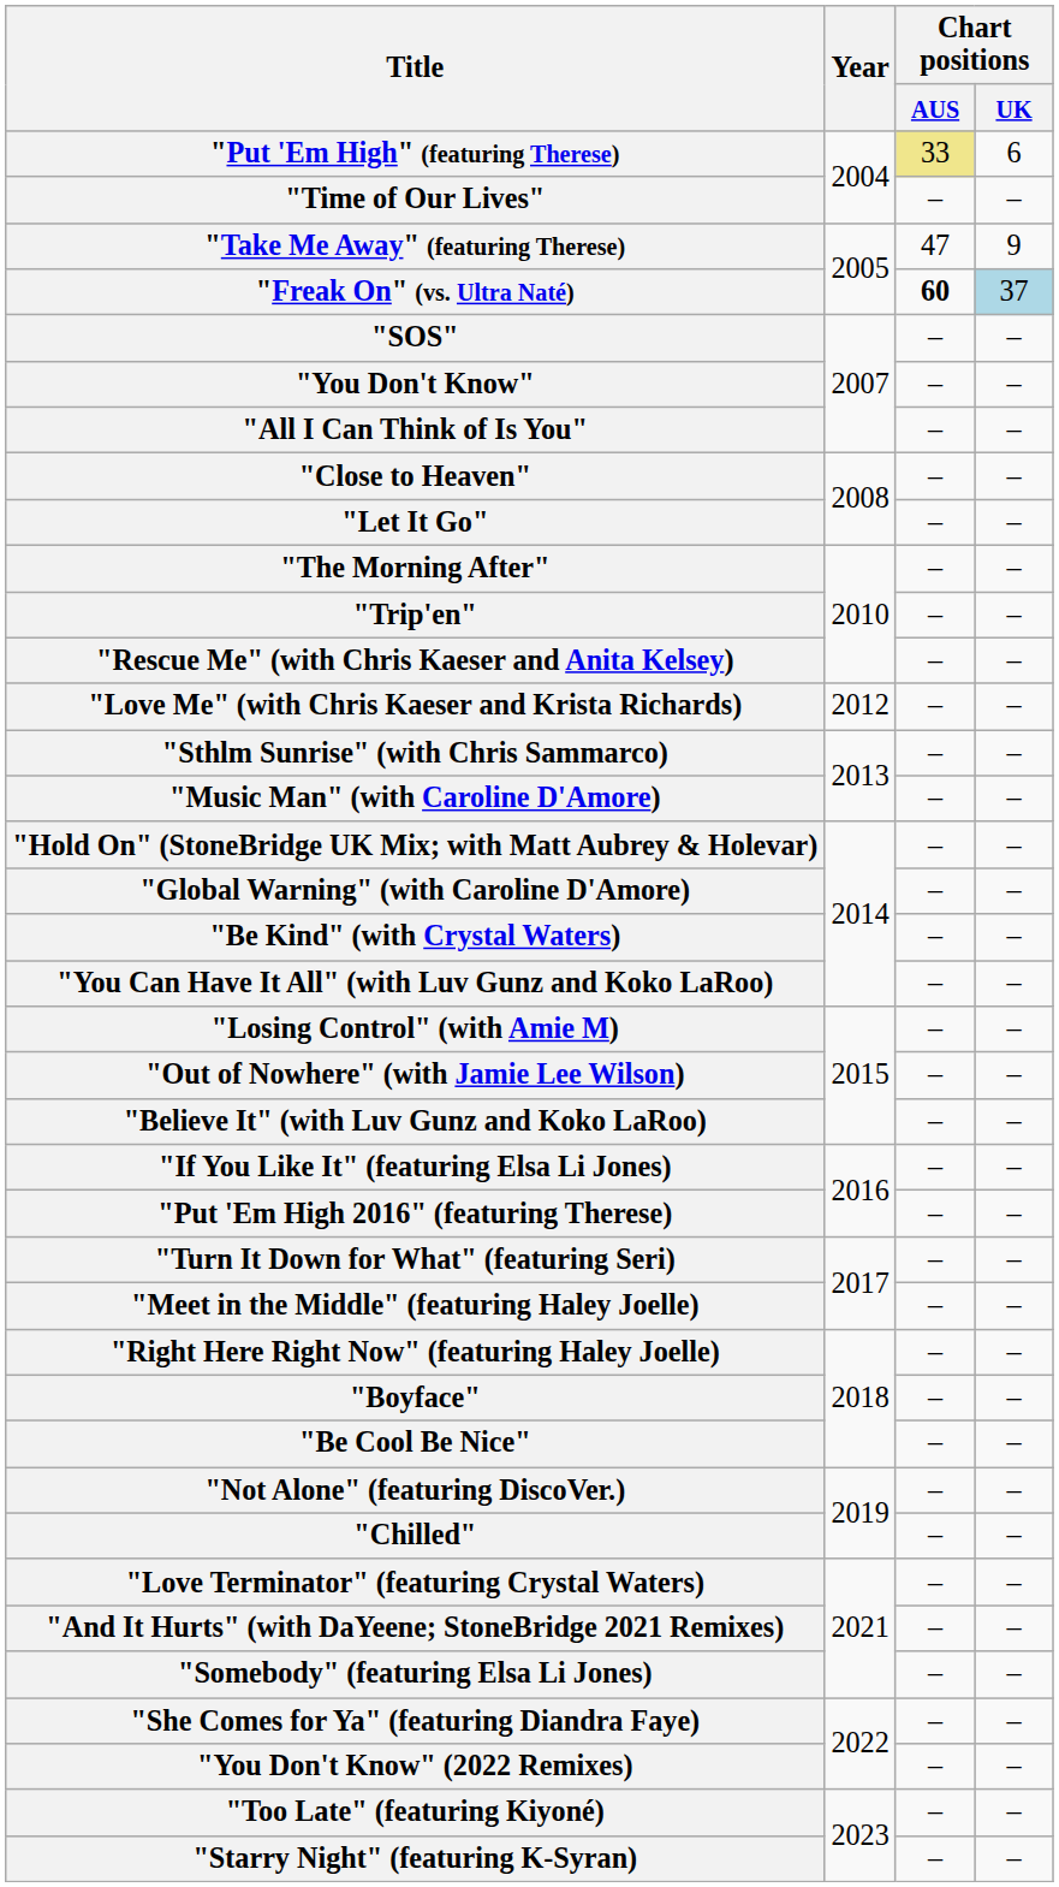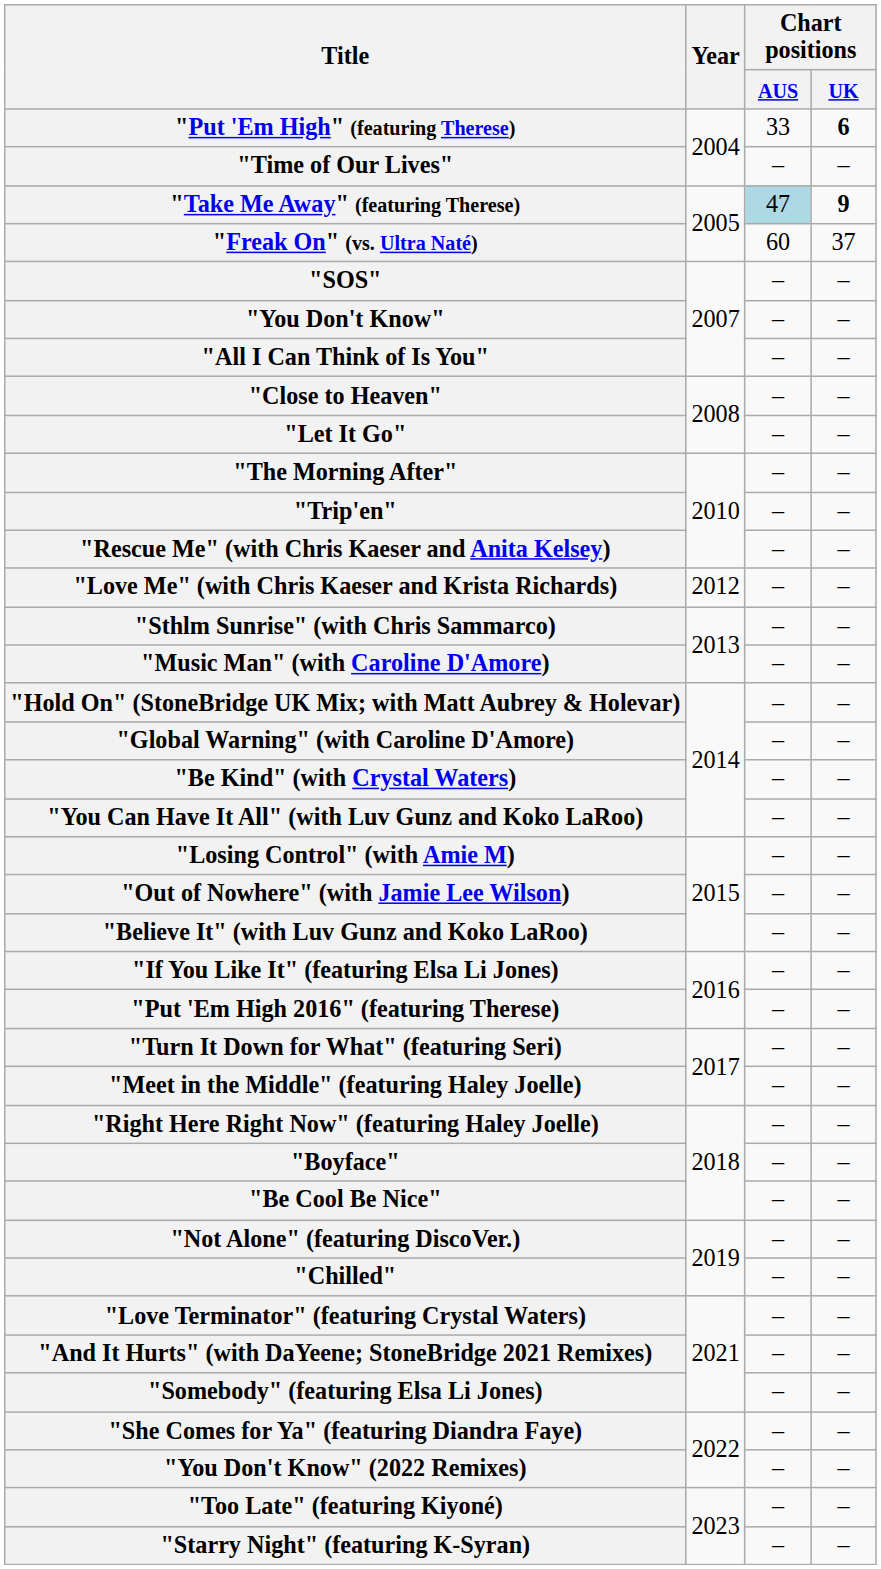 <table class="wikitable plainrowheaders" style="text-align:center;">
 <tr>
 <th scope="col" rowspan="2">Title</th>
 <th scope="col" rowspan="2">Year</th>
 <th scope="col" colspan="2">Chart positions</th>
 </tr>
 <tr>
 <th scope="col" width="36"><small><a href='#'>AUS</a></small><br></th>
 <th scope="col" width="36"><small><a href='#'>UK</a><br></small></th>
 </tr>
 <tr>
 <th scope="row">"<a href='#'>Put 'Em High</a>" <small>(featuring <a href='#'>Therese</a>)</small></th>
 <td rowspan="2">2004</td>
-<td style="background: khaki;">33</td>
-<td>6</td>
+<td>33</td>
+<td><strong>6</strong></td>
 </tr>
 <tr>
 <th scope="row">"Time of Our Lives"</th>
 <td>–</td>
 <td>–</td>
 </tr>
 <tr>
 <th scope="row">"<a href='#'>Take Me Away</a>" <small>(featuring Therese)</small></th>
 <td rowspan="2">2005</td>
-<td>47</td>
-<td>9</td>
+<td style="background: lightblue;">47</td>
+<td><strong>9</strong></td>
 </tr>
 <tr>
 <th scope="row">"<a href='#'>Freak On</a>" <small>(vs. <a href='#'>Ultra Naté</a>)</small></th>
-<td><strong>60</strong></td>
-<td style="background: lightblue;">37</td>
+<td>60</td>
+<td>37</td>
 </tr>
 <tr>
 <th scope="row">"SOS"</th>
 <td rowspan="3">2007</td>
 <td>–</td>
 <td>–</td>
 </tr>
 <tr>
 <th scope="row">"You Don't Know"</th>
 <td>–</td>
 <td>–</td>
 </tr>
 <tr>
 <th scope="row">"All I Can Think of Is You"</th>
 <td>–</td>
 <td>–</td>
 </tr>
 <tr>
 <th scope="row">"Close to Heaven"</th>
 <td rowspan="2">2008</td>
 <td>–</td>
 <td>–</td>
 </tr>
 <tr>
 <th scope="row">"Let It Go"</th>
 <td>–</td>
 <td>–</td>
 </tr>
 <tr>
 <th scope="row">"The Morning After"</th>
 <td rowspan="3">2010</td>
 <td>–</td>
 <td>–</td>
 </tr>
 <tr>
 <th scope="row">"Trip'en"</th>
 <td>–</td>
 <td>–</td>
 </tr>
 <tr>
 <th scope="row">"Rescue Me" (with Chris Kaeser and <a href='#'>Anita Kelsey</a>)</th>
 <td>–</td>
 <td>–</td>
 </tr>
 <tr>
 <th scope="row">"Love Me" (with Chris Kaeser and Krista Richards)</th>
 <td>2012</td>
 <td>–</td>
 <td>–</td>
 </tr>
 <tr>
 <th scope="row">"Sthlm Sunrise" (with Chris Sammarco)</th>
 <td rowspan="2">2013</td>
 <td>–</td>
 <td>–</td>
 </tr>
 <tr>
 <th scope="row">"Music Man" (with <a href='#'>Caroline D'Amore</a>)</th>
 <td>–</td>
 <td>–</td>
 </tr>
 <tr>
 <th scope="row">"Hold On" (StoneBridge UK Mix; with Matt Aubrey & Holevar)</th>
 <td rowspan="4">2014</td>
 <td>–</td>
 <td>–</td>
 </tr>
 <tr>
 <th scope="row">"Global Warning" (with Caroline D'Amore)</th>
 <td>–</td>
 <td>–</td>
 </tr>
 <tr>
 <th scope="row">"Be Kind" (with <a href='#'>Crystal Waters</a>)</th>
 <td>–</td>
 <td>–</td>
 </tr>
 <tr>
 <th scope="row">"You Can Have It All" (with Luv Gunz and Koko LaRoo)</th>
 <td>–</td>
 <td>–</td>
 </tr>
 <tr>
 <th scope="row">"Losing Control" (with <a href='#'>Amie M</a>)</th>
 <td rowspan="3">2015</td>
 <td>–</td>
 <td>–</td>
 </tr>
 <tr>
 <th scope="row">"Out of Nowhere" (with <a href='#'>Jamie Lee Wilson</a>)</th>
 <td>–</td>
 <td>–</td>
 </tr>
 <tr>
 <th scope="row">"Believe It" (with Luv Gunz and Koko LaRoo)</th>
 <td>–</td>
 <td>–</td>
 </tr>
 <tr>
 <th scope="row">"If You Like It" (featuring Elsa Li Jones)</th>
 <td rowspan="2">2016</td>
 <td>–</td>
 <td>–</td>
 </tr>
 <tr>
 <th scope="row">"Put 'Em High 2016" (featuring Therese)</th>
 <td>–</td>
 <td>–</td>
 </tr>
 <tr>
 <th scope="row">"Turn It Down for What" (featuring Seri)</th>
 <td rowspan="2">2017</td>
 <td>–</td>
 <td>–</td>
 </tr>
 <tr>
 <th scope="row">"Meet in the Middle" (featuring Haley Joelle)</th>
 <td>–</td>
 <td>–</td>
 </tr>
 <tr>
 <th scope="row">"Right Here Right Now" (featuring Haley Joelle)</th>
 <td rowspan="3">2018</td>
 <td>–</td>
 <td>–</td>
 </tr>
 <tr>
 <th scope="row">"Boyface"</th>
 <td>–</td>
 <td>–</td>
 </tr>
 <tr>
 <th scope="row">"Be Cool Be Nice"</th>
 <td>–</td>
 <td>–</td>
 </tr>
 <tr>
 <th scope="row">"Not Alone" (featuring DiscoVer.)</th>
 <td rowspan="2">2019</td>
 <td>–</td>
 <td>–</td>
 </tr>
 <tr>
 <th scope="row">"Chilled"</th>
 <td>–</td>
 <td>–</td>
 </tr>
 <tr>
 <th scope="row">"Love Terminator" (featuring Crystal Waters)</th>
 <td rowspan="3">2021</td>
 <td>–</td>
 <td>–</td>
 </tr>
 <tr>
 <th scope="row">"And It Hurts" (with DaYeene; StoneBridge 2021 Remixes)</th>
 <td>–</td>
 <td>–</td>
 </tr>
 <tr>
 <th scope="row">"Somebody" (featuring Elsa Li Jones)</th>
 <td>–</td>
 <td>–</td>
 </tr>
 <tr>
 <th scope="row">"She Comes for Ya" (featuring Diandra Faye)</th>
 <td rowspan="2">2022</td>
 <td>–</td>
 <td>–</td>
 </tr>
 <tr>
 <th scope="row">"You Don't Know" (2022 Remixes)</th>
 <td>–</td>
 <td>–</td>
 </tr>
 <tr>
 <th scope="row">"Too Late" (featuring Kiyoné)</th>
 <td rowspan="2">2023</td>
 <td>–</td>
 <td>–</td>
 </tr>
 <tr>
 <th scope="row">"Starry Night" (featuring K-Syran)</th>
 <td>–</td>
 <td>–</td>
 </tr>
 </table>
